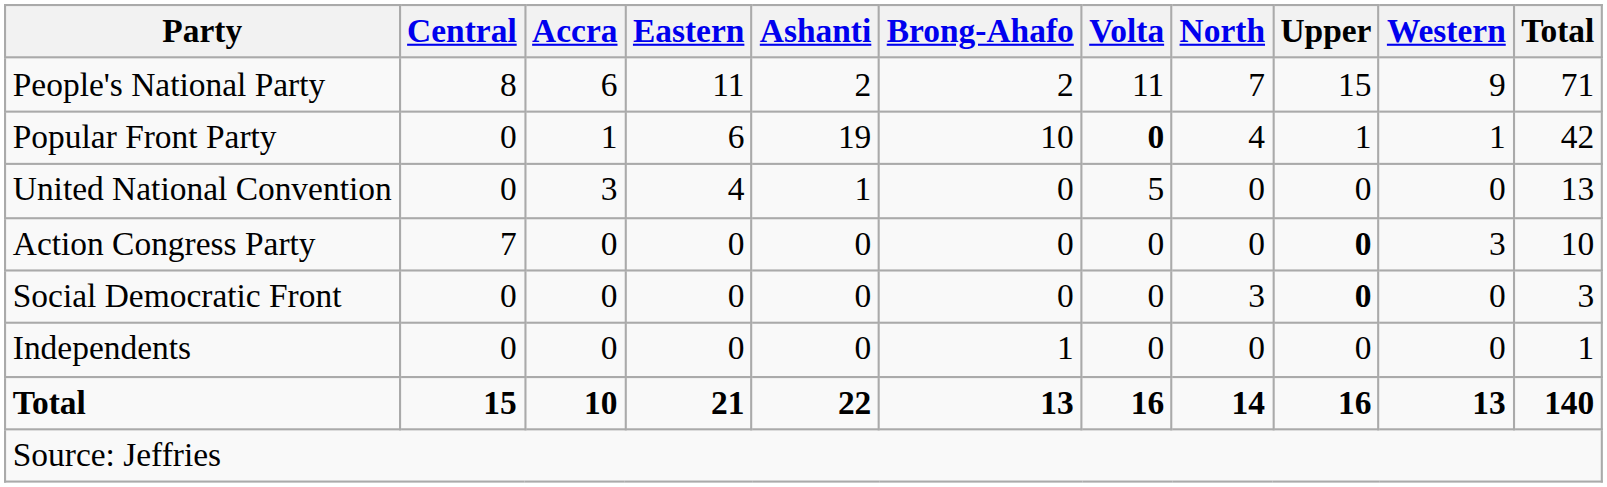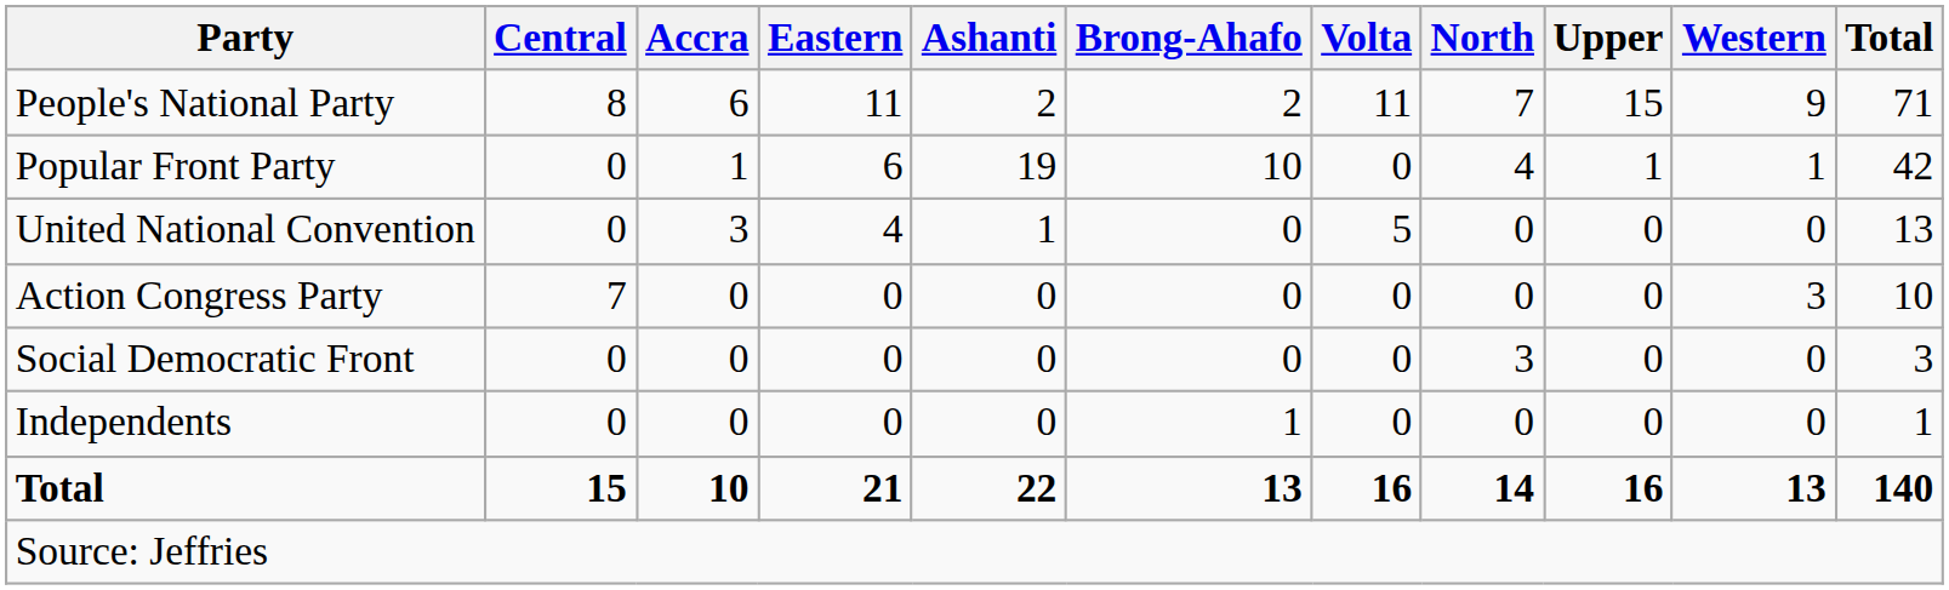 <table class=wikitable style=text-align:right>
 <tr>
 <th>Party</th>
 <th><a href='#'>Central</a></th>
 <th><a href='#'>Accra</a></th>
 <th><a href='#'>Eastern</a></th>
 <th><a href='#'>Ashanti</a></th>
 <th><a href='#'>Brong-Ahafo</a></th>
 <th><a href='#'>Volta</a></th>
 <th><a href='#'>North</a></th>
 <th>Upper</th>
 <th><a href='#'>Western</a></th>
 <th>Total</th>
 </tr>
 <tr>
 <td align=left>People's National Party</td>
 <td>8</td>
 <td>6</td>
 <td>11</td>
 <td>2</td>
 <td>2</td>
 <td>11</td>
 <td>7</td>
 <td>15</td>
 <td>9</td>
 <td>71</td>
 </tr>
 <tr>
 <td align=left>Popular Front Party</td>
 <td>0</td>
 <td>1</td>
 <td>6</td>
 <td>19</td>
 <td>10</td>
-<td><strong>0</strong></td>
+<td>0</td>
 <td>4</td>
 <td>1</td>
 <td>1</td>
 <td>42</td>
 </tr>
 <tr>
 <td align=left>United National Convention</td>
 <td>0</td>
 <td>3</td>
 <td>4</td>
 <td>1</td>
 <td>0</td>
 <td>5</td>
 <td>0</td>
 <td>0</td>
 <td>0</td>
 <td>13</td>
 </tr>
 <tr>
 <td align=left>Action Congress Party</td>
 <td>7</td>
 <td>0</td>
 <td>0</td>
 <td>0</td>
 <td>0</td>
 <td>0</td>
 <td>0</td>
-<td><strong>0</strong></td>
+<td>0</td>
 <td>3</td>
 <td>10</td>
 </tr>
 <tr>
 <td align=left>Social Democratic Front</td>
 <td>0</td>
 <td>0</td>
 <td>0</td>
 <td>0</td>
 <td>0</td>
 <td>0</td>
 <td>3</td>
-<td><strong>0</strong></td>
+<td>0</td>
 <td>0</td>
 <td>3</td>
 </tr>
 <tr>
 <td align=left>Independents</td>
 <td>0</td>
 <td>0</td>
 <td>0</td>
 <td>0</td>
 <td>1</td>
 <td>0</td>
 <td>0</td>
 <td>0</td>
 <td>0</td>
 <td>1</td>
 </tr>
 <tr style=font-weight:bold>
 <td align=left>Total</td>
 <td>15</td>
 <td>10</td>
 <td>21</td>
 <td>22</td>
 <td>13</td>
 <td>16</td>
 <td>14</td>
 <td>16</td>
 <td>13</td>
 <td>140</td>
 </tr>
 <tr>
 <td align=left colspan=11>Source: Jeffries</td>
 </tr>
 </table>
